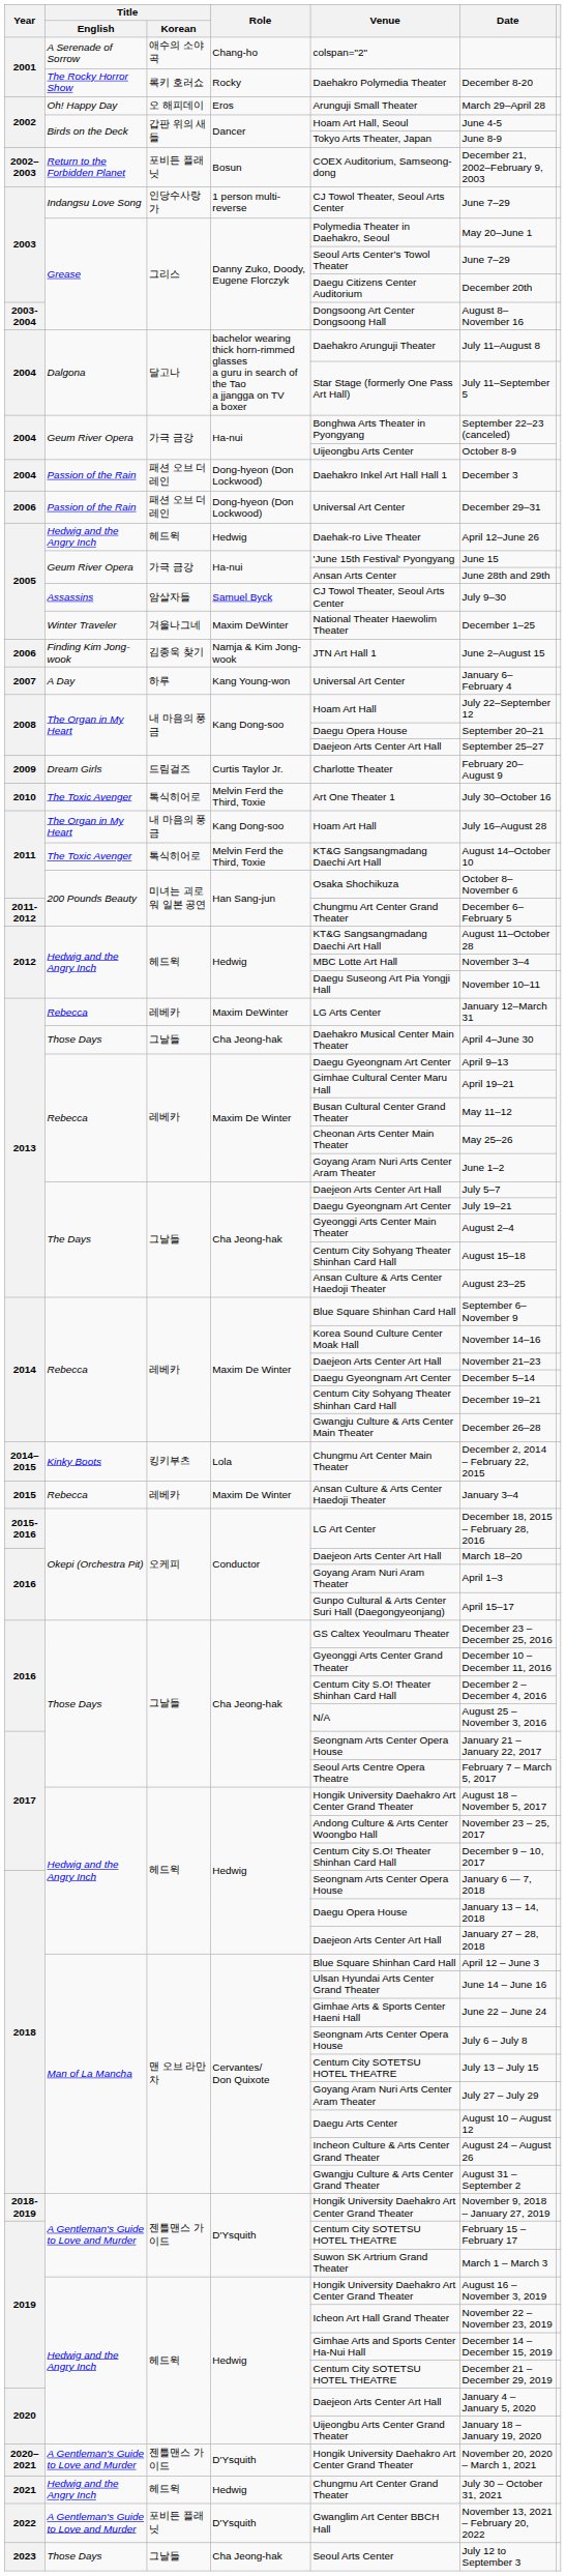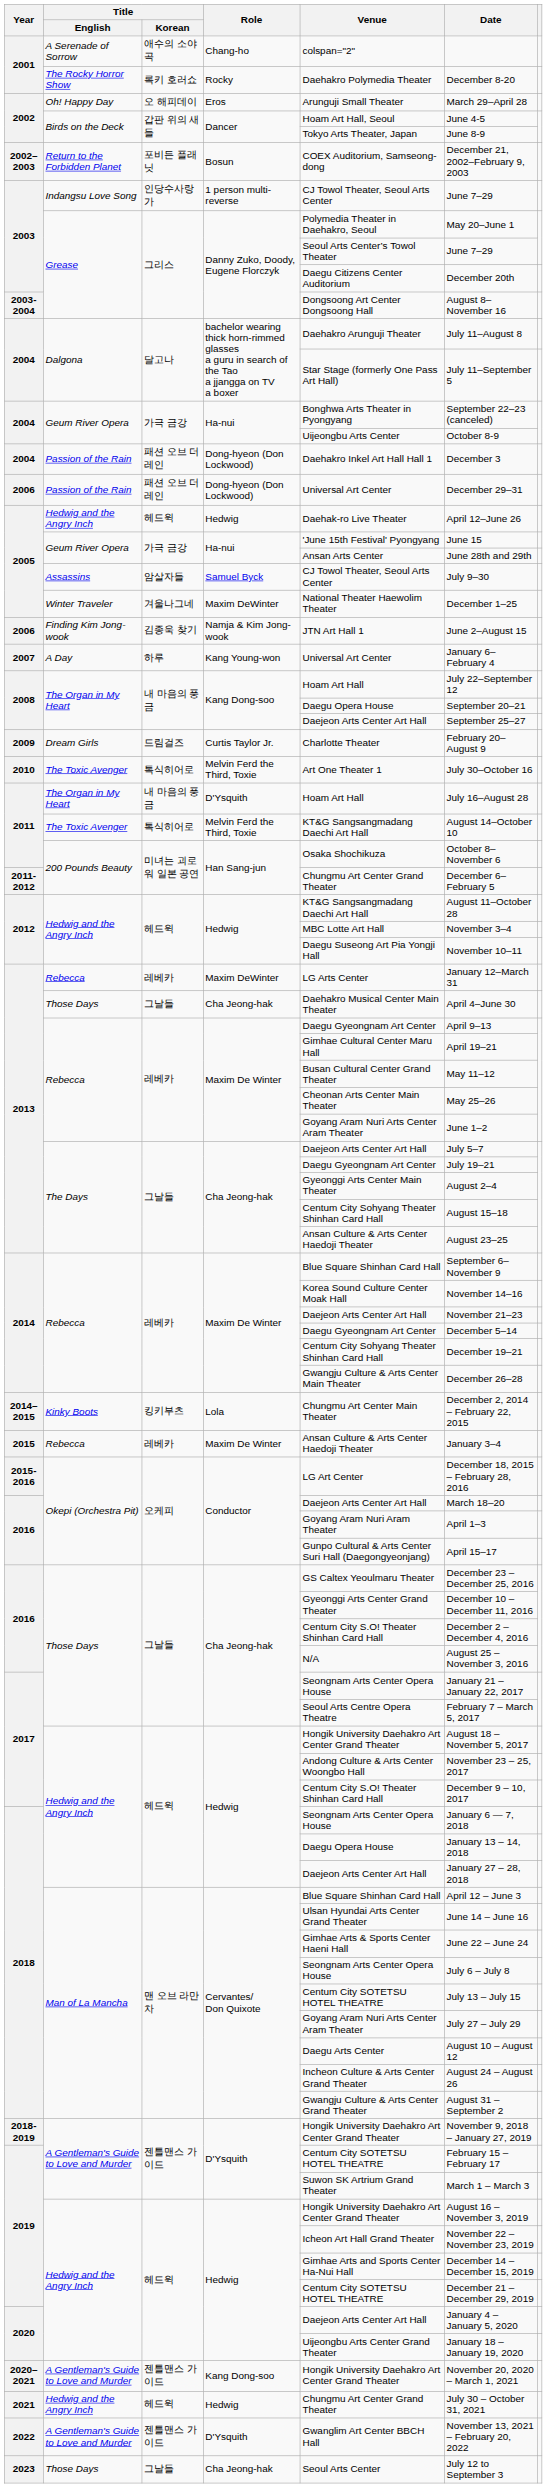 <table class="wikitable sortable plainrowheaders">
 <tr>
 <th rowspan="2" scope="col">Year</th>
 <th colspan="2" scope="col">Title</th>
 <th rowspan="2" scope="col">Role</th>
 <th rowspan="2" scope="col">Venue</th>
 <th rowspan="2" scope="col" class="sortable">Date</th>
 <th rowspan="2" scope="col" class="unsortable"></th>
 </tr>
 <tr>
 <th>English</th>
 <th>Korean</th>
 </tr>
 <tr>
 <th scope="row" rowspan="2">2001</th>
 <td><em>A Serenade of Sorrow</em></td>
 <td>애수의 소야곡</td>
 <td>Chang-ho</td>
 <td>colspan="2" </td>
 <td></td>
 </tr>
 <tr>
 <td><em><a href='#'>The Rocky Horror Show</a></em></td>
 <td>록키 호러쇼</td>
 <td>Rocky</td>
 <td>Daehakro Polymedia Theater</td>
 <td>December 8-20</td>
 <td></td>
 </tr>
 <tr>
 <th rowspan="3" scope="row">2002</th>
 <td><em>Oh! Happy Day</em></td>
 <td>오 해피데이</td>
 <td>Eros</td>
 <td>Arunguji Small Theater</td>
 <td>March 29–April 28</td>
 <td></td>
 </tr>
 <tr>
 <td rowspan="2"><em>Birds on the Deck</em></td>
 <td rowspan="2">갑판 위의 새들</td>
 <td rowspan="2">Dancer</td>
 <td>Hoam Art Hall, Seoul</td>
 <td>June 4-5</td>
 <td rowspan="2"></td>
 </tr>
 <tr>
 <td>Tokyo Arts Theater, Japan</td>
 <td>June 8-9</td>
 </tr>
 <tr>
 <th scope="row">2002–2003</th>
 <td><em><a href='#'>Return to the Forbidden Planet</a></em></td>
 <td>포비든 플래닛</td>
 <td>Bosun</td>
 <td>COEX Auditorium, Samseong-dong</td>
 <td>December 21, 2002–February 9, 2003</td>
 <td></td>
 </tr>
 <tr>
 <th rowspan="4" scope="row">2003</th>
 <td><em>Indangsu Love Song</em></td>
 <td>인당수사랑가</td>
 <td>1 person multi-reverse</td>
 <td>CJ Towol Theater, Seoul Arts Center</td>
 <td>June 7–29</td>
 <td></td>
 </tr>
 <tr>
 <td rowspan="4"><em><a href='#'>Grease</a></em></td>
 <td rowspan="4">그리스</td>
 <td rowspan="4">Danny Zuko, Doody, Eugene Florczyk</td>
 <td>Polymedia Theater in Daehakro, Seoul</td>
 <td>May 20–June 1</td>
 <td rowspan="2"></td>
 </tr>
 <tr>
 <td>Seoul Arts Center’s Towol Theater</td>
 <td>June 7–29</td>
 </tr>
 <tr>
 <td>Daegu Citizens Center Auditorium</td>
 <td>December 20th</td>
 <td></td>
 </tr>
 <tr>
 <th scope="row">2003-2004</th>
 <td>Dongsoong Art Center Dongsoong Hall</td>
 <td>August 8–November 16</td>
 <td></td>
 </tr>
 <tr>
 <th rowspan="2" scope="row">2004</th>
 <td rowspan="2"><em>Dalgona</em></td>
 <td rowspan="2">달고나</td>
 <td rowspan="2">bachelor wearing thick horn-rimmed glasses<br>a guru in search of the Tao<br>a jjangga on TV<br>a boxer</td>
 <td>Daehakro Arunguji Theater</td>
 <td>July 11–August 8</td>
 <td></td>
 </tr>
 <tr>
 <td>Star Stage (formerly One Pass Art Hall)</td>
 <td>July 11–September 5</td>
 <td></td>
 </tr>
 <tr>
 <th rowspan="2" scope="row">2004</th>
 <td rowspan="2"><em>Geum River Opera</em></td>
 <td rowspan="2">가극 금강</td>
 <td rowspan="2">Ha-nui</td>
 <td>Bonghwa Arts Theater in Pyongyang</td>
 <td>September 22–23 (canceled)</td>
 <td rowspan="2"></td>
 </tr>
 <tr>
 <td>Uijeongbu Arts Center</td>
 <td>October 8-9</td>
 </tr>
 <tr>
 <th scope="row">2004</th>
 <td><em><a href='#'>Passion of the Rain</a></em></td>
 <td>패션 오브 더 레인</td>
 <td>Dong-hyeon (Don Lockwood)</td>
 <td>Daehakro Inkel Art Hall Hall 1</td>
 <td>December 3</td>
 <td></td>
 </tr>
 <tr>
 <th scope="row">2006</th>
 <td><em><a href='#'>Passion of the Rain</a></em></td>
 <td>패션 오브 더 레인</td>
 <td>Dong-hyeon (Don Lockwood)</td>
 <td>Universal Art Center</td>
 <td>December 29–31</td>
 <td></td>
 </tr>
 <tr>
 <th rowspan="5" scope="row">2005</th>
 <td><em><a href='#'>Hedwig and the Angry Inch</a></em></td>
 <td>헤드윅</td>
 <td>Hedwig</td>
 <td>Daehak-ro Live Theater</td>
 <td>April 12–June 26</td>
 <td></td>
 </tr>
 <tr>
 <td rowspan="2"><em>Geum River Opera</em></td>
 <td rowspan="2">가극 금강</td>
 <td rowspan="2">Ha-nui</td>
 <td>'June 15th Festival' Pyongyang</td>
 <td>June 15</td>
 <td></td>
 </tr>
 <tr>
 <td>Ansan Arts Center</td>
 <td>June 28th and 29th</td>
 <td></td>
 </tr>
 <tr>
 <td><em><a href='#'>Assassins</a></em></td>
 <td>암살자들</td>
 <td><a href='#'>Samuel Byck</a></td>
 <td>CJ Towol Theater, Seoul Arts Center</td>
 <td>July 9–30</td>
 <td></td>
 </tr>
 <tr>
 <td><em>Winter Traveler</em></td>
 <td>겨울나그네</td>
 <td>Maxim DeWinter</td>
 <td>National Theater Haewolim Theater</td>
 <td>December 1–25</td>
 <td></td>
 </tr>
 <tr>
 <th scope="row">2006</th>
 <td><em>Finding Kim Jong-wook</em></td>
 <td>김종욱 찾기</td>
 <td>Namja & Kim Jong-wook</td>
 <td>JTN Art Hall 1</td>
 <td>June 2–August 15</td>
 <td></td>
 </tr>
 <tr>
 <th scope="row">2007</th>
 <td><em>A Day</em></td>
 <td>하루</td>
 <td>Kang Young-won</td>
 <td>Universal Art Center</td>
 <td>January 6–February 4</td>
 <td></td>
 </tr>
 <tr>
 <th rowspan="3" scope="row">2008</th>
 <td rowspan="3"><em><a href='#'>The Organ in My Heart</a></em></td>
 <td rowspan="3">내 마음의 풍금</td>
 <td rowspan="3">Kang Dong-soo</td>
 <td>Hoam Art Hall</td>
 <td>July 22–September 12</td>
 <td></td>
 </tr>
 <tr>
 <td>Daegu Opera House</td>
 <td>September 20–21</td>
 <td></td>
 </tr>
 <tr>
 <td>Daejeon Arts Center Art Hall</td>
 <td>September 25–27</td>
 <td></td>
 </tr>
 <tr>
 <th scope="row">2009</th>
 <td><em>Dream Girls</em></td>
 <td>드림걸즈</td>
 <td>Curtis Taylor Jr.</td>
 <td>Charlotte Theater</td>
 <td>February 20–August 9</td>
 <td></td>
 </tr>
 <tr>
 <th scope="row">2010</th>
 <td><em><a href='#'>The Toxic Avenger</a></em></td>
 <td>톡식히어로</td>
 <td>Melvin Ferd the Third, Toxie</td>
 <td>Art One Theater 1</td>
 <td>July 30–October 16</td>
 <td></td>
 </tr>
 <tr>
 <th rowspan="3" scope="row">2011</th>
 <td><em><a href='#'>The Organ in My Heart</a></em></td>
 <td>내 마음의 풍금</td>
-<td>Kang Dong-soo</td>
+<td>D'Ysquith</td>
 <td>Hoam Art Hall</td>
 <td>July 16–August 28</td>
 <td></td>
 </tr>
 <tr>
 <td><em><a href='#'>The Toxic Avenger</a></em></td>
 <td>톡식히어로</td>
 <td>Melvin Ferd the Third, Toxie</td>
 <td>KT&G Sangsangmadang Daechi Art Hall</td>
 <td>August 14–October 10</td>
 <td></td>
 </tr>
 <tr>
 <td rowspan="2"><em>200 Pounds Beauty</em></td>
 <td rowspan="2">미녀는 괴로워 일본 공연</td>
 <td rowspan="2">Han Sang-jun</td>
 <td>Osaka Shochikuza</td>
 <td>October 8–November 6</td>
 <td></td>
 </tr>
 <tr>
 <th scope="row">2011-2012</th>
 <td>Chungmu Art Center Grand Theater</td>
 <td>December 6–February 5</td>
 <td></td>
 </tr>
 <tr>
 <th rowspan="3" scope="row">2012</th>
 <td rowspan="3"><em><a href='#'>Hedwig and the Angry Inch</a></em></td>
 <td rowspan="3">헤드윅</td>
 <td rowspan="3">Hedwig</td>
 <td>KT&G Sangsangmadang Daechi Art Hall</td>
 <td>August 11–October 28</td>
 <td></td>
 </tr>
 <tr>
 <td>MBC Lotte Art Hall</td>
 <td>November 3–4</td>
 <td></td>
 </tr>
 <tr>
 <td>Daegu Suseong Art Pia Yongji Hall</td>
 <td>November 10–11</td>
 <td></td>
 </tr>
 <tr>
 <th rowspan="12" scope="row">2013</th>
 <td><em><a href='#'>Rebecca</a></em></td>
 <td>레베카</td>
 <td>Maxim DeWinter</td>
 <td>LG Arts Center</td>
 <td>January 12–March 31</td>
 <td></td>
 </tr>
 <tr>
 <td><em>Those Days</em></td>
 <td>그날들</td>
 <td>Cha Jeong-hak</td>
 <td>Daehakro Musical Center Main Theater</td>
 <td>April 4–June 30</td>
 <td></td>
 </tr>
 <tr>
 <td rowspan="5"><em>Rebecca</em></td>
 <td rowspan="5">레베카</td>
 <td rowspan="5">Maxim De Winter</td>
 <td>Daegu Gyeongnam Art Center</td>
 <td>April 9–13</td>
 <td rowspan="5"></td>
 </tr>
 <tr>
 <td>Gimhae Cultural Center Maru Hall</td>
 <td>April 19–21</td>
 </tr>
 <tr>
 <td>Busan Cultural Center Grand Theater</td>
 <td>May 11–12</td>
 </tr>
 <tr>
 <td>Cheonan Arts Center Main Theater</td>
 <td>May 25–26</td>
 </tr>
 <tr>
 <td>Goyang Aram Nuri Arts Center Aram Theater</td>
 <td>June 1–2</td>
 </tr>
 <tr>
 <td rowspan="5"><em>The Days</em></td>
 <td rowspan="5">그날들</td>
 <td rowspan="5">Cha Jeong-hak</td>
 <td>Daejeon Arts Center Art Hall</td>
 <td>July 5–7</td>
 <td rowspan="5"></td>
 </tr>
 <tr>
 <td>Daegu Gyeongnam Art Center</td>
 <td>July 19–21</td>
 </tr>
 <tr>
 <td>Gyeonggi Arts Center Main Theater</td>
 <td>August 2–4</td>
 </tr>
 <tr>
 <td>Centum City Sohyang Theater Shinhan Card Hall</td>
 <td>August 15–18</td>
 </tr>
 <tr>
 <td>Ansan Culture & Arts Center Haedoji Theater</td>
 <td>August 23–25</td>
 </tr>
 <tr>
 <th rowspan="6" scope="row">2014</th>
 <td rowspan="6"><em>Rebecca</em></td>
 <td rowspan="6">레베카</td>
 <td rowspan="6">Maxim De Winter</td>
 <td>Blue Square Shinhan Card Hall</td>
 <td>September 6–November 9</td>
 <td></td>
 </tr>
 <tr>
 <td>Korea Sound Culture Center Moak Hall</td>
 <td>November 14–16</td>
 <td></td>
 </tr>
 <tr>
 <td>Daejeon Arts Center Art Hall</td>
 <td>November 21–23</td>
 <td></td>
 </tr>
 <tr>
 <td>Daegu Gyeongnam Art Center</td>
 <td>December 5–14</td>
 <td></td>
 </tr>
 <tr>
 <td>Centum City Sohyang Theater Shinhan Card Hall</td>
 <td>December 19–21</td>
 <td></td>
 </tr>
 <tr>
 <td>Gwangju Culture & Arts Center Main Theater</td>
 <td>December 26–28</td>
 <td></td>
 </tr>
 <tr>
 <th scope="row">2014–2015</th>
 <td><em><a href='#'>Kinky Boots</a></em></td>
 <td>킹키부츠</td>
 <td>Lola</td>
 <td>Chungmu Art Center Main Theater</td>
 <td>December 2, 2014 – February 22, 2015</td>
 <td></td>
 </tr>
 <tr>
 <th scope="row">2015</th>
 <td><em>Rebecca</em></td>
 <td>레베카</td>
 <td>Maxim De Winter</td>
 <td>Ansan Culture & Arts Center Haedoji Theater</td>
 <td>January 3–4</td>
 <td></td>
 </tr>
 <tr>
 <th scope="row">2015-2016</th>
 <td rowspan="4"><em>Okepi (Orchestra Pit)</em></td>
 <td rowspan="4">오케피</td>
 <td rowspan="4">Conductor</td>
 <td>LG Art Center</td>
 <td>December 18, 2015 – February 28, 2016</td>
 <td></td>
 </tr>
 <tr>
 <th rowspan="3" scope="row">2016</th>
 <td>Daejeon Arts Center Art Hall</td>
 <td>March 18–20</td>
 <td></td>
 </tr>
 <tr>
 <td>Goyang Aram Nuri Aram Theater</td>
 <td>April 1–3</td>
 <td></td>
 </tr>
 <tr>
 <td>Gunpo Cultural & Arts Center Suri Hall (Daegongyeonjang)</td>
 <td>April 15–17</td>
 <td></td>
 </tr>
 <tr>
 <th rowspan="4" scope="row">2016</th>
 <td rowspan="6"><em>Those Days</em></td>
 <td rowspan="6">그날들</td>
 <td rowspan="6">Cha Jeong-hak</td>
 <td>GS Caltex Yeoulmaru Theater</td>
 <td>December 23 – December 25, 2016</td>
 <td rowspan="4"></td>
 </tr>
 <tr>
 <td>Gyeonggi Arts Center Grand Theater</td>
 <td>December 10 – December 11, 2016</td>
 </tr>
 <tr>
 <td>Centum City S.O! Theater Shinhan Card Hall</td>
 <td>December 2 – December 4, 2016</td>
 </tr>
 <tr>
 <td>N/A</td>
 <td>August 25 – November 3, 2016</td>
 </tr>
 <tr>
 <th rowspan="5" scope="row">2017</th>
 <td>Seongnam Arts Center Opera House</td>
 <td>January 21 – January 22, 2017</td>
 <td rowspan="2"></td>
 </tr>
 <tr>
 <td>Seoul Arts Centre Opera Theatre</td>
 <td>February 7 – March 5, 2017</td>
 </tr>
 <tr>
 <td rowspan="6"><em><a href='#'>Hedwig and the Angry Inch</a></em></td>
 <td rowspan="6">헤드윅</td>
 <td rowspan="6">Hedwig</td>
 <td>Hongik University Daehakro Art Center Grand Theater</td>
 <td>August 18 – November 5, 2017</td>
 <td></td>
 </tr>
 <tr>
 <td>Andong Culture & Arts Center Woongbo Hall</td>
 <td>November 23 – 25, 2017</td>
 <td></td>
 </tr>
 <tr>
 <td>Centum City S.O! Theater Shinhan Card Hall</td>
 <td>December 9 – 10, 2017</td>
 <td></td>
 </tr>
 <tr>
 <th rowspan="12" scope="row">2018</th>
 <td>Seongnam Arts Center Opera House</td>
 <td>January 6 — 7, 2018</td>
 <td></td>
 </tr>
 <tr>
 <td>Daegu Opera House</td>
 <td>January 13 – 14, 2018</td>
 <td></td>
 </tr>
 <tr>
 <td>Daejeon Arts Center Art Hall</td>
 <td>January 27 – 28, 2018</td>
 <td></td>
 </tr>
 <tr>
 <td rowspan="9"><em><a href='#'>Man of La Mancha</a></em></td>
 <td rowspan="9">맨 오브 라만차</td>
 <td rowspan="9">Cervantes/<br>Don Quixote</td>
 <td>Blue Square Shinhan Card Hall</td>
 <td>April 12 – June 3</td>
 <td></td>
 </tr>
 <tr>
 <td>Ulsan Hyundai Arts Center Grand Theater</td>
 <td>June 14 – June 16</td>
 <td></td>
 </tr>
 <tr>
 <td>Gimhae Arts & Sports Center Haeni Hall</td>
 <td>June 22 – June 24</td>
 <td></td>
 </tr>
 <tr>
 <td>Seongnam Arts Center Opera House</td>
 <td>July 6 – July 8</td>
 <td></td>
 </tr>
 <tr>
 <td>Centum City SOTETSU HOTEL THEATRE</td>
 <td>July 13 – July 15</td>
 <td></td>
 </tr>
 <tr>
 <td>Goyang Aram Nuri Arts Center Aram Theater</td>
 <td>July 27 – July 29</td>
 <td></td>
 </tr>
 <tr>
 <td>Daegu Arts Center</td>
 <td>August 10 – August 12</td>
 <td></td>
 </tr>
 <tr>
 <td>Incheon Culture & Arts Center Grand Theater</td>
 <td>August 24 – August 26</td>
 <td></td>
 </tr>
 <tr>
 <td>Gwangju Culture & Arts Center Grand Theater</td>
 <td>August 31 – September 2</td>
 <td></td>
 </tr>
 <tr>
 <th scope="row">2018-2019</th>
 <td rowspan="3"><em><a href='#'>A Gentleman's Guide to Love and Murder</a></em></td>
 <td rowspan="3">젠틀맨스 가이드</td>
 <td rowspan="3">D'Ysquith</td>
 <td>Hongik University Daehakro Art Center Grand Theater</td>
 <td>November 9, 2018 – January 27, 2019</td>
 <td></td>
 </tr>
 <tr>
 <th rowspan="6" scope="row">2019</th>
 <td>Centum City SOTETSU HOTEL THEATRE</td>
 <td>February 15 – February 17</td>
 <td></td>
 </tr>
 <tr>
 <td>Suwon SK Artrium Grand Theater</td>
 <td>March 1 – March 3</td>
 <td></td>
 </tr>
 <tr>
 <td rowspan="6"><em><a href='#'>Hedwig and the Angry Inch</a></em></td>
 <td rowspan="6">헤드윅</td>
 <td rowspan="6">Hedwig</td>
 <td>Hongik University Daehakro Art Center Grand Theater</td>
 <td>August 16 – November 3, 2019</td>
 <td></td>
 </tr>
 <tr>
 <td>Icheon Art Hall Grand Theater</td>
 <td>November 22 – November 23, 2019</td>
 <td></td>
 </tr>
 <tr>
 <td>Gimhae Arts and Sports Center Ha-Nui Hall</td>
 <td>December 14 – December 15, 2019</td>
 <td></td>
 </tr>
 <tr>
 <td>Centum City SOTETSU HOTEL THEATRE</td>
 <td>December 21 – December 29, 2019</td>
 <td></td>
 </tr>
 <tr>
 <th rowspan="2" scope="row">2020</th>
 <td>Daejeon Arts Center Art Hall</td>
 <td>January 4 – January 5, 2020</td>
 <td></td>
 </tr>
 <tr>
 <td>Uijeongbu Arts Center Grand Theater</td>
 <td>January 18 – January 19, 2020</td>
 <td></td>
 </tr>
 <tr>
 <th scope="row">2020–2021</th>
 <td><em><a href='#'>A Gentleman's Guide to Love and Murder</a></em></td>
 <td>젠틀맨스 가이드</td>
-<td>D'Ysquith</td>
+<td>Kang Dong-soo</td>
 <td>Hongik University Daehakro Art Center Grand Theater</td>
 <td>November 20, 2020 – March 1, 2021</td>
 <td></td>
 </tr>
 <tr>
 <th scope="row">2021</th>
 <td><em><a href='#'>Hedwig and the Angry Inch</a></em></td>
 <td>헤드윅</td>
 <td>Hedwig</td>
 <td>Chungmu Art Center Grand Theater</td>
 <td>July 30 – October 31, 2021</td>
 <td></td>
 </tr>
 <tr>
 <th scope="row">2022</th>
 <td><em><a href='#'>A Gentleman's Guide to Love and Murder</a></em></td>
-<td>포비든 플래닛</td>
+<td>젠틀맨스 가이드</td>
 <td>D'Ysquith</td>
 <td>Gwanglim Art Center BBCH Hall</td>
 <td>November 13, 2021 – February 20, 2022</td>
 <td></td>
 </tr>
 <tr>
 <th scope="row">2023</th>
 <td><em>Those Days</em></td>
 <td>그날들</td>
 <td>Cha Jeong-hak</td>
 <td>Seoul Arts Center</td>
 <td>July 12 to September 3</td>
 <td></td>
 </tr>
 </table>
